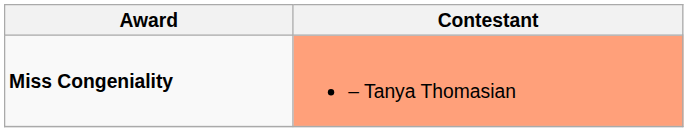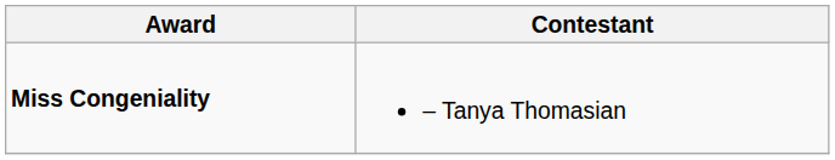 <table class="wikitable sortable" style="font-size:95%;">
 <tr>
 <th width="220">Award</th>
 <th width="300">Contestant</th>
 </tr>
 <tr>
 <td><strong>Miss Congeniality</strong></td>
-<td style="background: lightsalmon;"><br><ul><li><strong></strong> – Tanya Thomasian</li></ul></td>
+<td><br><ul><li><strong></strong> – Tanya Thomasian</li></ul></td>
 </tr>
 <tr>
 </tr>
 </table>
